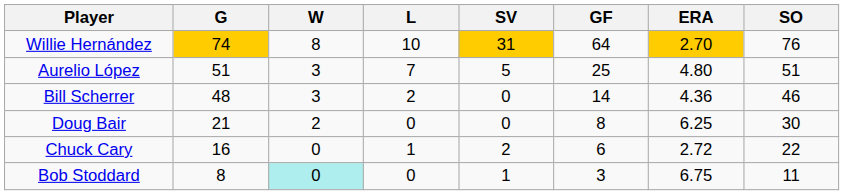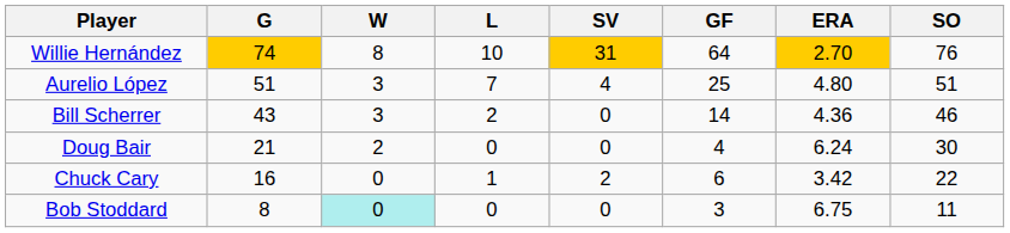 <table class="wikitable sortable">
 <tr>
 <th bgcolor="#DDDDFF" width="16%">Player</th>
 <th bgcolor="#DDDDFF" width="9%">G</th>
 <th bgcolor="#DDDDFF" width="9%">W</th>
 <th bgcolor="#DDDDFF" width="9%">L</th>
 <th bgcolor="#DDDDFF" width="9%">SV</th>
 <th bgcolor="#DDDDFF" width="9%">GF</th>
 <th bgcolor="#DDDDFF" width="9%">ERA</th>
 <th bgcolor="#DDDDFF" width="9%">SO</th>
 </tr>
 <tr align="center">
 <td><a href='#'>Willie Hernández</a></td>
 <td style="background:#fc0;">74</td>
 <td>8</td>
 <td>10</td>
 <td style="background:#fc0;">31</td>
 <td>64</td>
 <td style="background:#fc0;">2.70</td>
 <td>76</td>
 </tr>
 <tr align="center">
 <td><a href='#'>Aurelio López</a></td>
 <td>51</td>
 <td>3</td>
 <td>7</td>
-<td>5</td>
+<td>4</td>
 <td>25</td>
 <td>4.80</td>
 <td>51</td>
 </tr>
 <tr align="center">
 <td><a href='#'>Bill Scherrer</a></td>
-<td>48</td>
+<td>43</td>
 <td>3</td>
 <td>2</td>
 <td>0</td>
 <td>14</td>
 <td>4.36</td>
 <td>46</td>
 </tr>
 <tr align="center">
 <td><a href='#'>Doug Bair</a></td>
 <td>21</td>
 <td>2</td>
 <td>0</td>
 <td>0</td>
-<td>8</td>
-<td>6.25</td>
+<td>4</td>
+<td>6.24</td>
 <td>30</td>
 </tr>
 <tr align="center">
 <td><a href='#'>Chuck Cary</a></td>
 <td>16</td>
 <td>0</td>
 <td>1</td>
 <td>2</td>
 <td>6</td>
-<td>2.72</td>
+<td>3.42</td>
 <td>22</td>
 </tr>
 <tr align="center">
 <td><a href='#'>Bob Stoddard</a></td>
 <td>8</td>
 <td style="background: paleturquoise;">0</td>
 <td>0</td>
-<td>1</td>
+<td>0</td>
 <td>3</td>
 <td>6.75</td>
 <td>11</td>
 </tr>
 </table>
